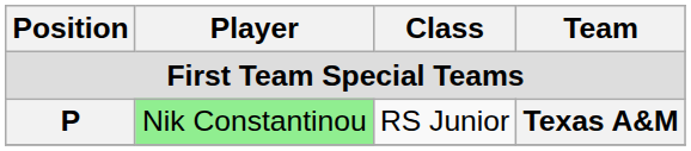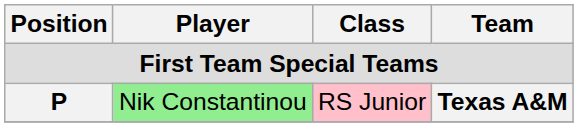 <table class="wikitable">
 <tr>
 <th>Position</th>
 <th>Player</th>
 <th>Class</th>
 <th>Team</th>
 </tr>
 <tr>
 <td colspan="4" style="text-align:center; background:#ddd;"><strong>First Team Special Teams</strong></td>
 </tr>
 <tr style="text-align:center;">
 <th rowspan="1">P</th>
 <td style="background: lightgreen;">Nik Constantinou</td>
-<td>RS Junior</td>
+<td style="background: pink;">RS Junior</td>
 <th style=>Texas A&M</th>
 </tr>
 <tr>
 </tr>
 </table>
